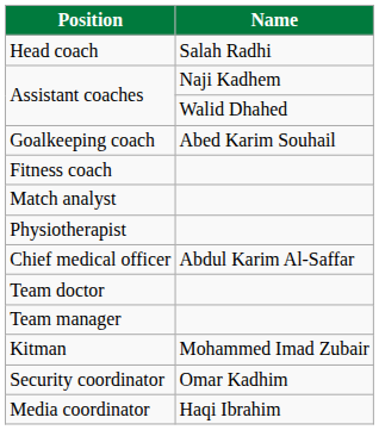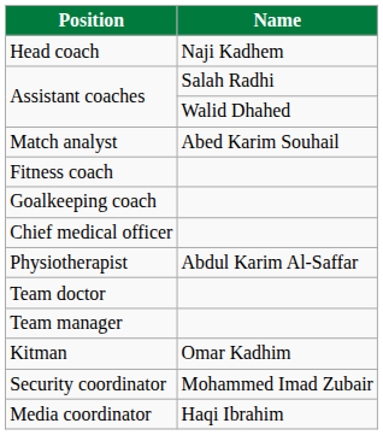 <table class="wikitable">
 <tr>
 <th style="background: #007A3D; color: #FFFFFF;">Position</th>
 <th style="background: #007A3D; color: #FFFFFF;">Name</th>
 </tr>
 <tr>
 <td>Head coach</td>
-<td> Salah Radhi</td>
+<td> Naji Kadhem</td>
 </tr>
 <tr>
 <td rowspan=2>Assistant coaches</td>
-<td> Naji Kadhem</td>
+<td> Salah Radhi</td>
 </tr>
 <tr>
 <td>  Walid Dhahed</td>
 </tr>
 <tr>
-<td>Goalkeeping coach</td>
+<td>Match analyst</td>
 <td> Abed Karim Souhail</td>
 </tr>
 <tr>
 <td>Fitness coach</td>
 <td></td>
 </tr>
 <tr>
-<td>Match analyst</td>
+<td>Goalkeeping coach</td>
+<td></td>
+</tr>
+<tr>
+<td>Chief medical officer</td>
 <td></td>
 </tr>
 <tr>
 <td>Physiotherapist</td>
-<td></td>
-</tr>
-<tr>
-<td>Chief medical officer</td>
 <td> Abdul Karim Al-Saffar</td>
 </tr>
 <tr>
 <td>Team doctor</td>
 <td></td>
 </tr>
 <tr>
 <td>Team manager</td>
 <td></td>
 </tr>
 <tr>
 <td>Kitman</td>
-<td> Mohammed Imad Zubair</td>
+<td> Omar Kadhim</td>
 </tr>
 <tr>
 <td>Security coordinator</td>
-<td> Omar Kadhim</td>
+<td> Mohammed Imad Zubair</td>
 </tr>
 <tr>
 <td>Media coordinator</td>
 <td> Haqi Ibrahim</td>
 </tr>
 </table>
